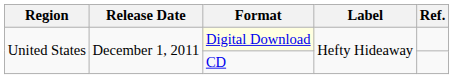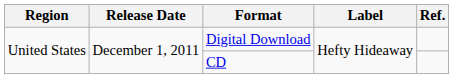 <table class="wikitable">
 <tr>
 <th>Region</th>
 <th>Release Date</th>
 <th>Format</th>
 <th>Label</th>
 <th>Ref.</th>
 </tr>
 <tr>
 <td rowspan="2">United States</td>
 <td rowspan="2">December 1, 2011</td>
-<td style="background: lightyellow;"><a href='#'>Digital Download</a></td>
+<td><a href='#'>Digital Download</a></td>
 <td rowspan="2">Hefty Hideaway</td>
 <td></td>
 </tr>
 <tr>
 <td><a href='#'>CD</a></td>
 <td></td>
 </tr>
 </table>
